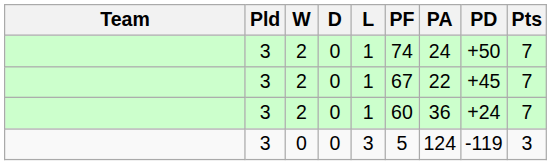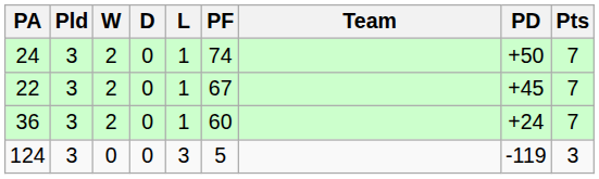 <table class="wikitable" style="text-align:center;">
 <tr>
-<th width="190">Team</th>
+<th width="20" abbr="Points against">PA</th>
 <th width="20" abbr="Played">Pld</th>
 <th width="20" abbr="Won">W</th>
 <th width="20" abbr="Drawn">D</th>
 <th width="20" abbr="Lost">L</th>
 <th width="20" abbr="Points for">PF</th>
-<th width="20" abbr="Points against">PA</th>
+<th width="190">Team</th>
 <th width="25" abbr="Points difference">PD</th>
 <th width="20" abbr="Points">Pts</th>
 </tr>
 <tr style="background:#ccffcc">
-<td align="left"></td>
+<td>24</td>
 <td>3</td>
 <td>2</td>
 <td>0</td>
 <td>1</td>
 <td>74</td>
-<td>24</td>
+<td align="left"></td>
 <td>+50</td>
 <td>7</td>
 </tr>
 <tr style="background:#ccffcc">
-<td align="left"></td>
+<td>22</td>
 <td>3</td>
 <td>2</td>
 <td>0</td>
 <td>1</td>
 <td>67</td>
-<td>22</td>
+<td align="left"></td>
 <td>+45</td>
 <td>7</td>
 </tr>
 <tr style="background:#ccffcc">
-<td align="left"></td>
+<td>36</td>
 <td>3</td>
 <td>2</td>
 <td>0</td>
 <td>1</td>
 <td>60</td>
-<td>36</td>
+<td align="left"></td>
 <td>+24</td>
 <td>7</td>
 </tr>
 <tr>
-<td align="left"></td>
+<td>124</td>
 <td>3</td>
 <td>0</td>
 <td>0</td>
 <td>3</td>
 <td>5</td>
-<td>124</td>
+<td align="left"></td>
 <td>-119</td>
 <td>3</td>
 </tr>
 </table>
